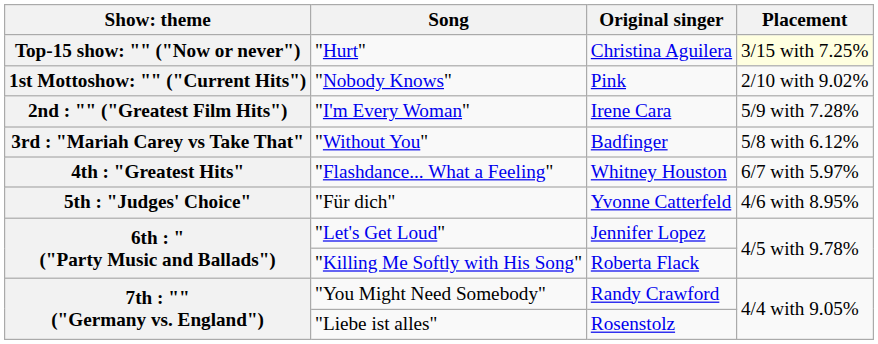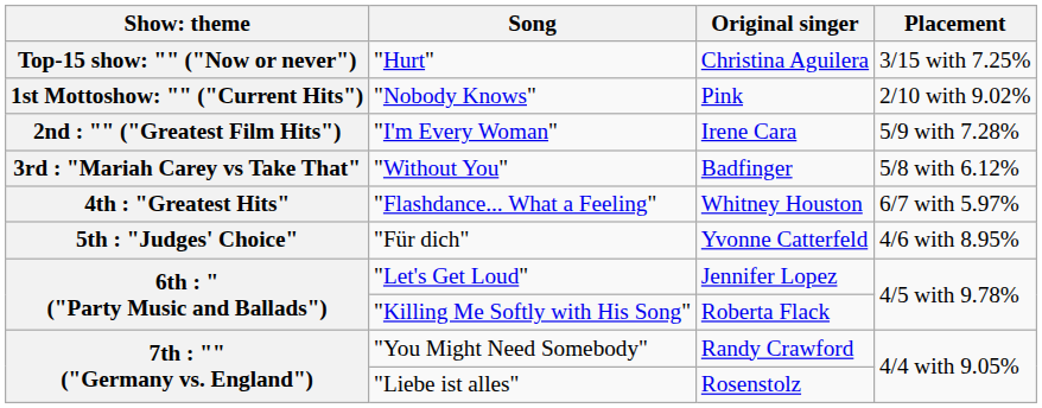 <table class="wikitable plainrowheaders">
 <tr>
 <th scope="col">Show: theme</th>
 <th scope="col">Song</th>
 <th scope="col">Original singer</th>
 <th scope="col">Placement</th>
 </tr>
 <tr>
 <th scope="row">Top-15 show: "" ("Now or never")</th>
 <td>"<a href='#'>Hurt</a>"</td>
 <td><a href='#'>Christina Aguilera</a></td>
-<td style="background: lightyellow;">3/15 with 7.25%</td>
+<td>3/15 with 7.25%</td>
 </tr>
 <tr>
 <th scope="row">1st Mottoshow: "" ("Current Hits")</th>
 <td>"<a href='#'>Nobody Knows</a>"</td>
 <td><a href='#'>Pink</a></td>
 <td>2/10 with 9.02%</td>
 </tr>
 <tr>
 <th scope="row">2nd : "" ("Greatest Film Hits")</th>
 <td>"<a href='#'>I'm Every Woman</a>"</td>
 <td><a href='#'>Irene Cara</a></td>
 <td>5/9 with 7.28%</td>
 </tr>
 <tr>
 <th scope="row">3rd : "Mariah Carey vs Take That"</th>
 <td>"<a href='#'>Without You</a>"</td>
 <td><a href='#'>Badfinger</a></td>
 <td>5/8 with 6.12%</td>
 </tr>
 <tr>
 <th scope="row">4th : "Greatest Hits"</th>
 <td>"<a href='#'>Flashdance... What a Feeling</a>"</td>
 <td><a href='#'>Whitney Houston</a></td>
 <td>6/7 with 5.97%</td>
 </tr>
 <tr>
 <th scope="row">5th : "Judges' Choice"</th>
 <td>"Für dich"</td>
 <td><a href='#'>Yvonne Catterfeld</a></td>
 <td>4/6 with 8.95%</td>
 </tr>
 <tr>
 <th scope="row" rowspan="2">6th : "<br>("Party Music and Ballads")</th>
 <td>"<a href='#'>Let's Get Loud</a>"</td>
 <td><a href='#'>Jennifer Lopez</a></td>
 <td rowspan="2">4/5 with 9.78%</td>
 </tr>
 <tr>
 <td>"<a href='#'>Killing Me Softly with His Song</a>"</td>
 <td><a href='#'>Roberta Flack</a></td>
 </tr>
 <tr>
 <th scope="row" rowspan="2">7th : ""<br>("Germany vs. England")</th>
 <td>"You Might Need Somebody"</td>
 <td><a href='#'>Randy Crawford</a></td>
 <td rowspan="2">4/4 with 9.05%</td>
 </tr>
 <tr>
 <td>"Liebe ist alles"</td>
 <td><a href='#'>Rosenstolz</a></td>
 </tr>
 </table>
